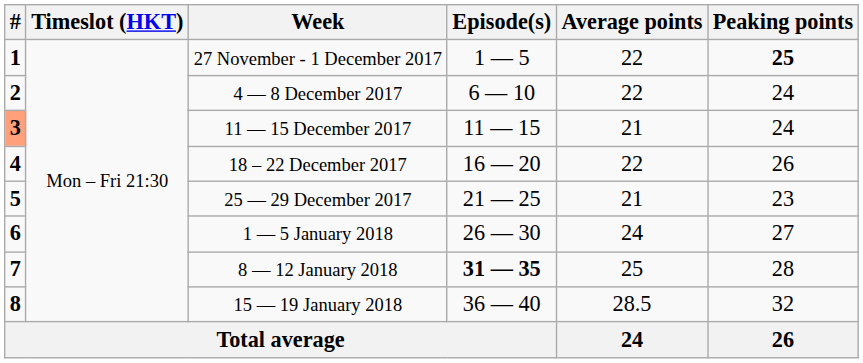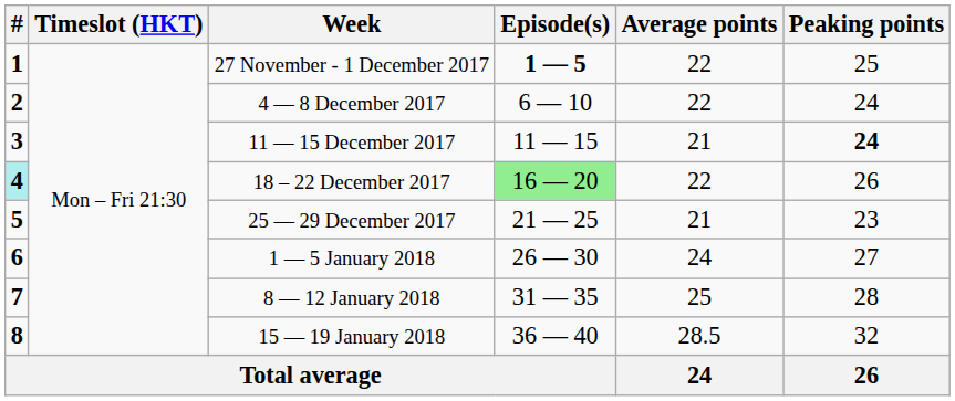 <table class="wikitable" style="text-align:center;">
 <tr>
 <th>#</th>
 <th>Timeslot (<a href='#'>HKT</a>)</th>
 <th>Week</th>
 <th>Episode(s)</th>
 <th>Average points</th>
 <th>Peaking points</th>
 </tr>
 <tr>
 <td><strong>1</strong></td>
 <td rowspan="8"><small>Mon – Fri 21:30</small></td>
 <td><small>27 November - 1 December 2017</small></td>
-<td>1 — 5</td>
+<td><strong>1 — 5</strong></td>
 <td>22</td>
-<td><strong>25</strong></td>
+<td>25</td>
 </tr>
 <tr>
 <td><strong>2</strong></td>
 <td><small>4 — 8 December 2017</small></td>
 <td>6 — 10</td>
 <td>22</td>
 <td>24</td>
 </tr>
 <tr>
-<td style="background: lightsalmon;"><strong>3</strong></td>
+<td><strong>3</strong></td>
 <td><small>11 — 15 December 2017</small></td>
 <td>11 — 15</td>
 <td>21</td>
-<td>24</td>
+<td><strong>24</strong></td>
 </tr>
 <tr>
-<td><strong>4</strong></td>
+<td style="background: paleturquoise;"><strong>4</strong></td>
 <td><small>18 – 22 December 2017</small></td>
-<td>16 — 20</td>
+<td style="background: lightgreen;">16 — 20</td>
 <td>22</td>
 <td>26</td>
 </tr>
 <tr>
 <td><strong>5</strong></td>
 <td><small>25 — 29 December 2017</small></td>
 <td>21 — 25</td>
 <td>21</td>
 <td>23</td>
 </tr>
 <tr>
 <td><strong>6</strong></td>
 <td><small>1 — 5 January 2018</small></td>
 <td>26 — 30</td>
 <td>24</td>
 <td>27</td>
 </tr>
 <tr>
 <td><strong>7</strong></td>
 <td><small>8 — 12 January 2018</small></td>
-<td><strong>31 — 35</strong></td>
+<td>31 — 35</td>
 <td>25</td>
 <td>28</td>
 </tr>
 <tr>
 <td><strong>8</strong></td>
 <td><small>15 — 19 January 2018</small></td>
 <td>36 — 40</td>
 <td>28.5</td>
 <td>32</td>
 </tr>
 <tr>
 <th colspan="4"><strong>Total average</strong></th>
 <th><strong>24</strong></th>
 <th>26</th>
 </tr>
 </table>
